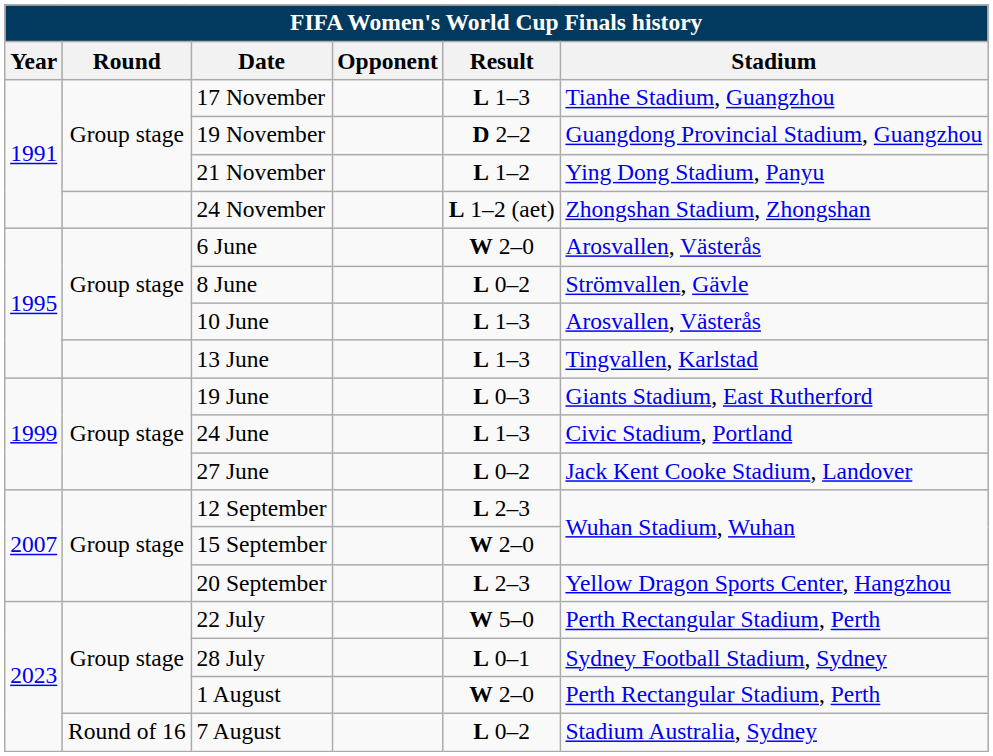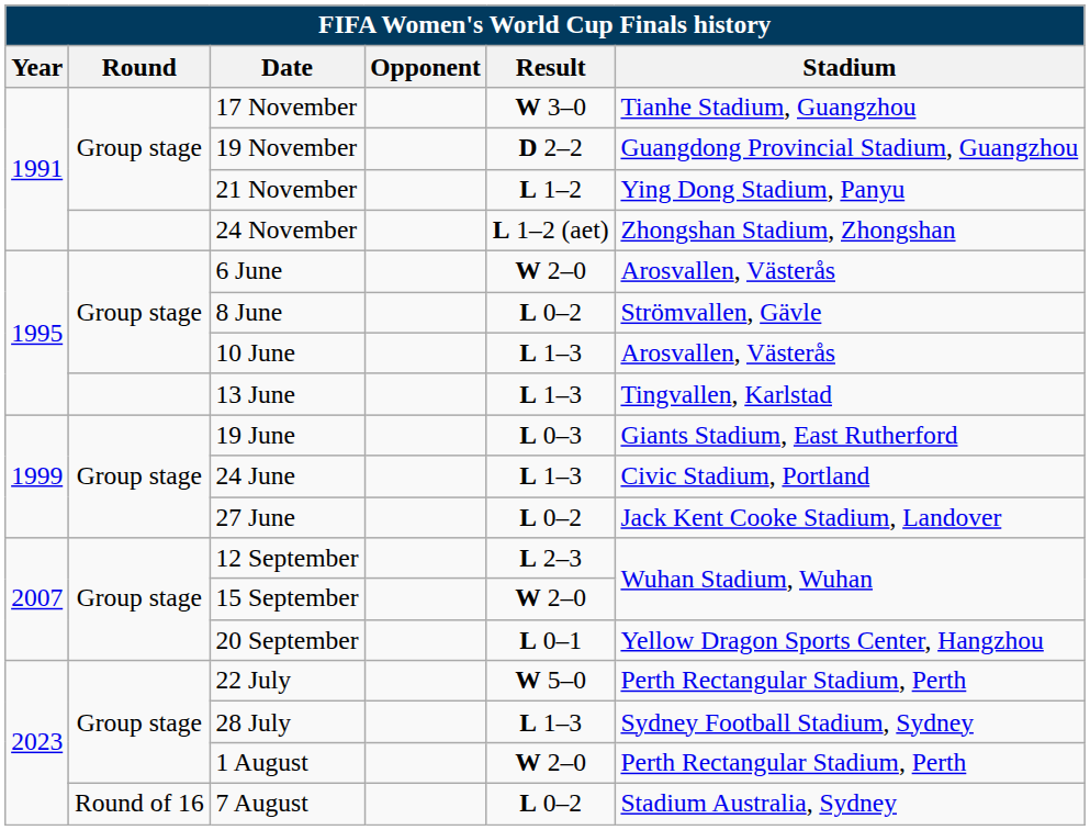 <table class="wikitable" style="text-align: center;font-size:100%;">
 <tr>
 <th colspan=6 style="background: #013A5E; color: #FFFFFF;">FIFA Women's World Cup Finals history</th>
 </tr>
 <tr>
 <th>Year</th>
 <th>Round</th>
 <th>Date</th>
 <th>Opponent</th>
 <th>Result</th>
 <th>Stadium</th>
 </tr>
 <tr>
 <td rowspan=4> <a href='#'>1991</a></td>
 <td rowspan=3>Group stage</td>
 <td align="left">17 November</td>
 <td align="left"></td>
-<td><strong>L</strong> 1–3</td>
+<td><strong>W</strong> 3–0</td>
 <td align="left"><a href='#'>Tianhe Stadium</a>, <a href='#'>Guangzhou</a></td>
 </tr>
 <tr>
 <td align="left">19 November</td>
 <td align="left"></td>
 <td><strong>D</strong> 2–2</td>
 <td align="left"><a href='#'>Guangdong Provincial Stadium</a>, <a href='#'>Guangzhou</a></td>
 </tr>
 <tr>
 <td align="left">21 November</td>
 <td align="left"></td>
 <td><strong>L</strong> 1–2</td>
 <td align="left"><a href='#'>Ying Dong Stadium</a>, <a href='#'>Panyu</a></td>
 </tr>
 <tr>
 <td></td>
 <td align="left">24 November</td>
 <td align="left"></td>
 <td><strong>L</strong> 1–2 (aet)</td>
 <td align="left"><a href='#'>Zhongshan Stadium</a>, <a href='#'>Zhongshan</a></td>
 </tr>
 <tr>
 <td rowspan=4> <a href='#'>1995</a></td>
 <td rowspan=3>Group stage</td>
 <td align="left">6 June</td>
 <td align="left"></td>
 <td><strong>W</strong> 2–0</td>
 <td align="left"><a href='#'>Arosvallen</a>, <a href='#'>Västerås</a></td>
 </tr>
 <tr>
 <td align="left">8 June</td>
 <td align="left"></td>
 <td><strong>L</strong> 0–2</td>
 <td align="left"><a href='#'>Strömvallen</a>, <a href='#'>Gävle</a></td>
 </tr>
 <tr>
 <td align="left">10 June</td>
 <td align="left"></td>
 <td><strong>L</strong> 1–3</td>
 <td align="left"><a href='#'>Arosvallen</a>, <a href='#'>Västerås</a></td>
 </tr>
 <tr>
 <td></td>
 <td align="left">13 June</td>
 <td align="left"></td>
 <td><strong>L</strong> 1–3</td>
 <td align="left"><a href='#'>Tingvallen</a>, <a href='#'>Karlstad</a></td>
 </tr>
 <tr>
 <td rowspan=3> <a href='#'>1999</a></td>
 <td rowspan=3>Group stage</td>
 <td align="left">19 June</td>
 <td align="left"></td>
 <td><strong>L</strong> 0–3</td>
 <td align="left"><a href='#'>Giants Stadium</a>, <a href='#'>East Rutherford</a></td>
 </tr>
 <tr>
 <td align="left">24 June</td>
 <td align="left"></td>
 <td><strong>L</strong> 1–3</td>
 <td align="left"><a href='#'>Civic Stadium</a>, <a href='#'>Portland</a></td>
 </tr>
 <tr>
 <td align="left">27 June</td>
 <td align="left"></td>
 <td><strong>L</strong> 0–2</td>
 <td align="left"><a href='#'>Jack Kent Cooke Stadium</a>, <a href='#'>Landover</a></td>
 </tr>
 <tr>
 <td rowspan=3> <a href='#'>2007</a></td>
 <td rowspan=3>Group stage</td>
 <td align="left">12 September</td>
 <td align="left"></td>
 <td><strong>L</strong> 2–3</td>
 <td rowspan=2 align="left"><a href='#'>Wuhan Stadium</a>, <a href='#'>Wuhan</a></td>
 </tr>
 <tr>
 <td align="left">15 September</td>
 <td align="left"></td>
 <td><strong>W</strong> 2–0</td>
 </tr>
 <tr>
 <td align="left">20 September</td>
 <td align="left"></td>
-<td><strong>L</strong> 2–3</td>
+<td><strong>L</strong> 0–1</td>
 <td align="left"><a href='#'>Yellow Dragon Sports Center</a>, <a href='#'>Hangzhou</a></td>
 </tr>
 <tr>
 <td rowspan=4>  <a href='#'>2023</a></td>
 <td rowspan=3>Group stage</td>
 <td align="left">22 July</td>
 <td align="left"></td>
 <td><strong>W</strong> 5–0</td>
 <td align="left"><a href='#'>Perth Rectangular Stadium</a>, <a href='#'>Perth</a></td>
 </tr>
 <tr>
 <td align="left">28 July</td>
 <td align="left"></td>
-<td><strong>L</strong> 0–1</td>
+<td><strong>L</strong> 1–3</td>
 <td align="left"><a href='#'>Sydney Football Stadium</a>, <a href='#'>Sydney</a></td>
 </tr>
 <tr>
 <td align="left">1 August</td>
 <td align="left"></td>
 <td><strong>W</strong> 2–0</td>
 <td align="left"><a href='#'>Perth Rectangular Stadium</a>, <a href='#'>Perth</a></td>
 </tr>
 <tr>
 <td>Round of 16</td>
 <td align="left">7 August</td>
 <td align="left"></td>
 <td><strong>L</strong> 0–2</td>
 <td align="left"><a href='#'>Stadium Australia</a>, <a href='#'>Sydney</a></td>
 </tr>
 </table>
